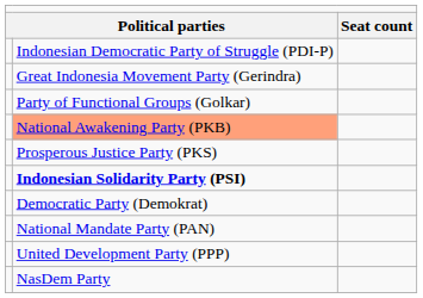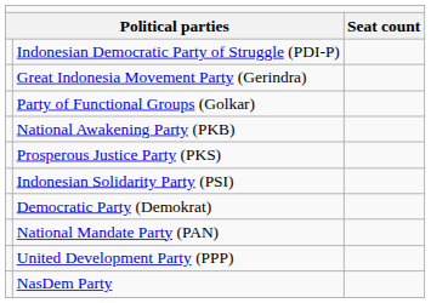 <table class="wikitable">
 <tr>
 <td colspan="4"></td>
 </tr>
 <tr>
 <th colspan="2">Political parties</th>
 <th>Seat count</th>
 </tr>
 <tr>
 <td bgcolor=></td>
 <td><a href='#'>Indonesian Democratic Party of Struggle</a> (PDI-P)</td>
 <td></td>
 </tr>
 <tr>
 <td bgcolor=></td>
 <td><a href='#'>Great Indonesia Movement Party</a> (Gerindra)</td>
 <td></td>
 </tr>
 <tr>
 <td bgcolor=></td>
 <td><a href='#'>Party of Functional Groups</a> (Golkar)</td>
 <td></td>
 </tr>
 <tr>
 <td bgcolor=></td>
-<td style="background: lightsalmon;"><a href='#'>National Awakening Party</a> (PKB)</td>
+<td><a href='#'>National Awakening Party</a> (PKB)</td>
 <td></td>
 </tr>
 <tr>
 <td bgcolor=></td>
 <td><a href='#'>Prosperous Justice Party</a> (PKS)</td>
 <td></td>
 </tr>
 <tr>
 <td bgcolor=></td>
-<td><strong><a href='#'>Indonesian Solidarity Party</a> (PSI)</strong></td>
+<td><a href='#'>Indonesian Solidarity Party</a> (PSI)</td>
 <td></td>
 </tr>
 <tr>
 <td bgcolor=></td>
 <td><a href='#'>Democratic Party</a> (Demokrat)</td>
 <td></td>
 </tr>
 <tr>
 <td bgcolor=></td>
 <td><a href='#'>National Mandate Party</a> (PAN)</td>
 <td></td>
 </tr>
 <tr>
 <td bgcolor=></td>
 <td><a href='#'>United Development Party</a> (PPP)</td>
 <td></td>
 </tr>
 <tr>
 <td bgcolor=></td>
 <td><a href='#'>NasDem Party</a></td>
 <td></td>
 </tr>
 </table>
